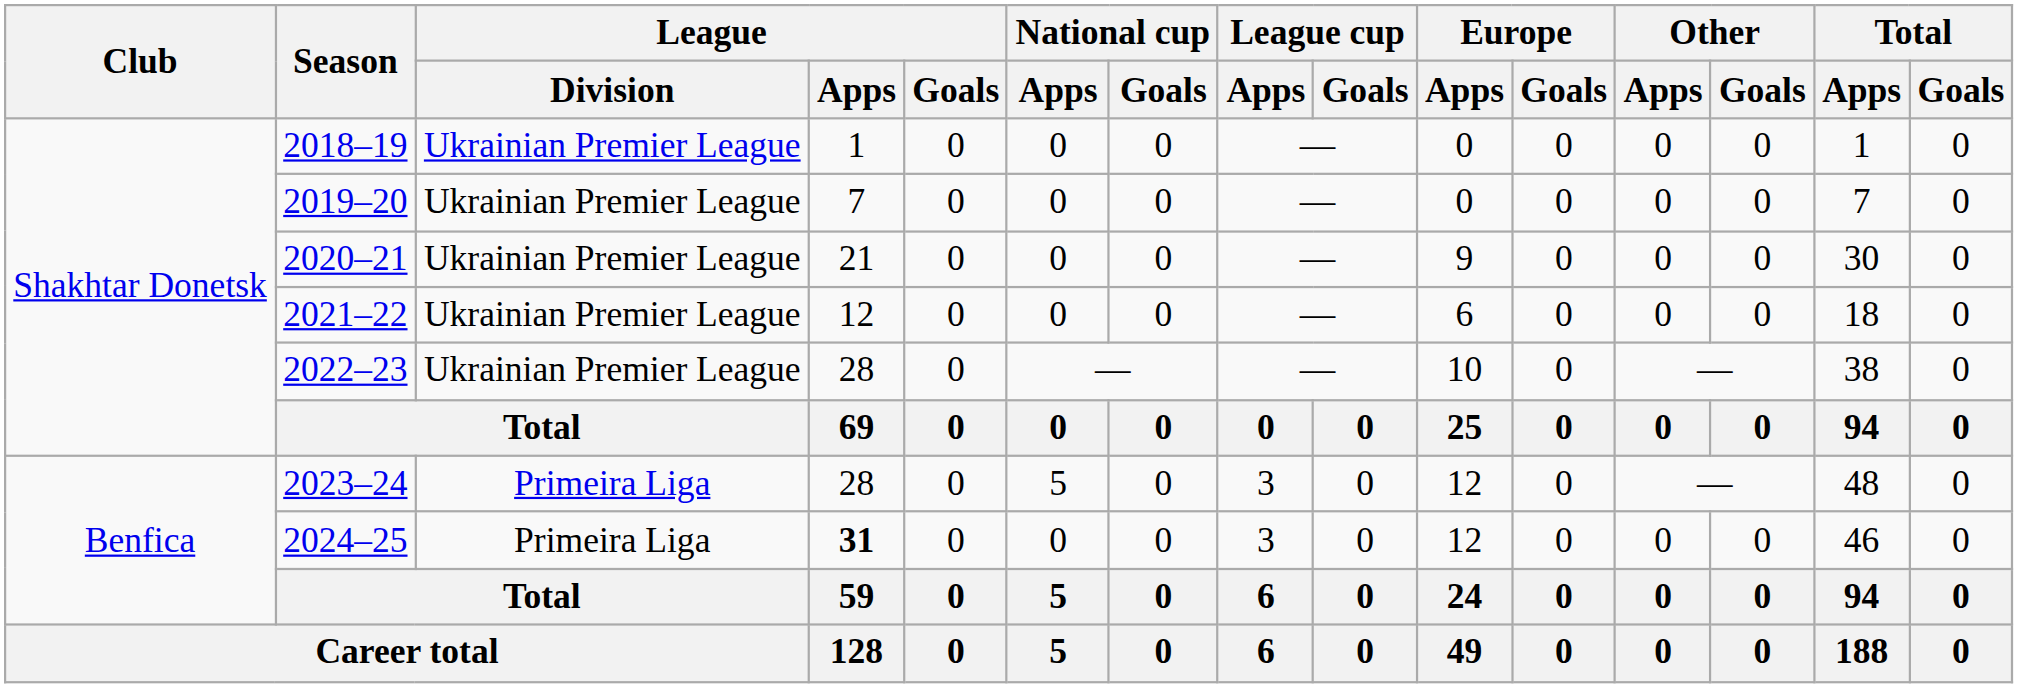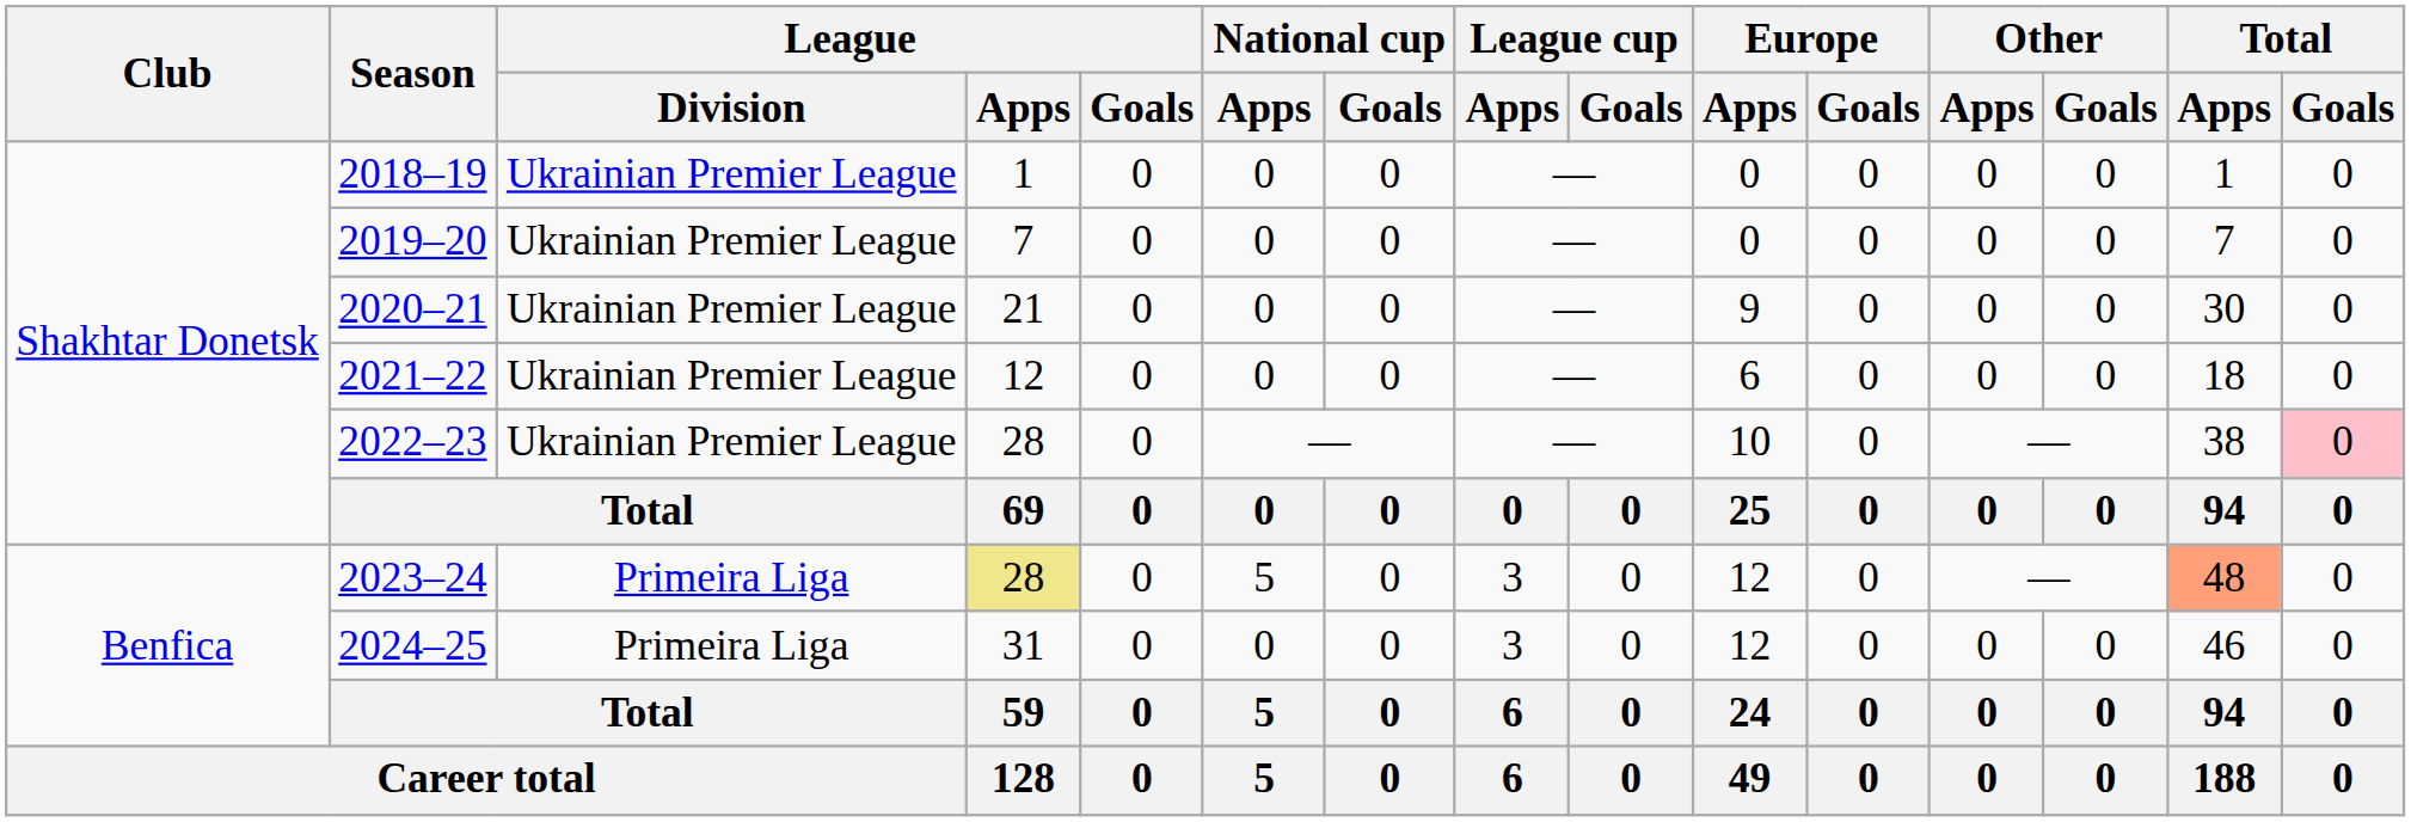 <table class="wikitable" style="text-align:center">
 <tr>
 <th rowspan="2">Club</th>
 <th rowspan="2">Season</th>
 <th colspan="3">League</th>
 <th colspan="2">National cup</th>
 <th colspan="2">League cup</th>
 <th colspan="2">Europe</th>
 <th colspan="2">Other</th>
 <th colspan="2">Total</th>
 </tr>
 <tr>
 <th>Division</th>
 <th>Apps</th>
 <th>Goals</th>
 <th>Apps</th>
 <th>Goals</th>
 <th>Apps</th>
 <th>Goals</th>
 <th>Apps</th>
 <th>Goals</th>
 <th>Apps</th>
 <th>Goals</th>
 <th>Apps</th>
 <th>Goals</th>
 </tr>
 <tr>
 <td rowspan="6"><a href='#'>Shakhtar Donetsk</a></td>
 <td><a href='#'>2018–19</a></td>
 <td><a href='#'>Ukrainian Premier League</a></td>
 <td>1</td>
 <td>0</td>
 <td>0</td>
 <td>0</td>
 <td colspan="2">—</td>
 <td>0</td>
 <td>0</td>
 <td>0</td>
 <td>0</td>
 <td>1</td>
 <td>0</td>
 </tr>
 <tr>
 <td><a href='#'>2019–20</a></td>
 <td>Ukrainian Premier League</td>
 <td>7</td>
 <td>0</td>
 <td>0</td>
 <td>0</td>
 <td colspan="2">—</td>
 <td>0</td>
 <td>0</td>
 <td>0</td>
 <td>0</td>
 <td>7</td>
 <td>0</td>
 </tr>
 <tr>
 <td><a href='#'>2020–21</a></td>
 <td>Ukrainian Premier League</td>
 <td>21</td>
 <td>0</td>
 <td>0</td>
 <td>0</td>
 <td colspan="2">—</td>
 <td>9</td>
 <td>0</td>
 <td>0</td>
 <td>0</td>
 <td>30</td>
 <td>0</td>
 </tr>
 <tr>
 <td><a href='#'>2021–22</a></td>
 <td>Ukrainian Premier League</td>
 <td>12</td>
 <td>0</td>
 <td>0</td>
 <td>0</td>
 <td colspan="2">—</td>
 <td>6</td>
 <td>0</td>
 <td>0</td>
 <td>0</td>
 <td>18</td>
 <td>0</td>
 </tr>
 <tr>
 <td><a href='#'>2022–23</a></td>
 <td>Ukrainian Premier League</td>
 <td>28</td>
 <td>0</td>
 <td colspan="2">—</td>
 <td colspan="2">—</td>
 <td>10</td>
 <td>0</td>
 <td colspan="2">—</td>
 <td>38</td>
-<td>0</td>
+<td style="background: pink;">0</td>
 </tr>
 <tr>
 <th colspan="2">Total</th>
 <th>69</th>
 <th>0</th>
 <th>0</th>
 <th>0</th>
 <th>0</th>
 <th>0</th>
 <th>25</th>
 <th>0</th>
 <th>0</th>
 <th>0</th>
 <th>94</th>
 <th>0</th>
 </tr>
 <tr>
 <td rowspan="3"><a href='#'>Benfica</a></td>
 <td><a href='#'>2023–24</a></td>
 <td><a href='#'>Primeira Liga</a></td>
-<td>28</td>
+<td style="background: khaki;">28</td>
 <td>0</td>
 <td>5</td>
 <td>0</td>
 <td>3</td>
 <td>0</td>
 <td>12</td>
 <td>0</td>
 <td colspan="2">—</td>
-<td>48</td>
+<td style="background: lightsalmon;">48</td>
 <td>0</td>
 </tr>
 <tr>
 <td><a href='#'>2024–25</a></td>
 <td>Primeira Liga</td>
-<td><strong>31</strong></td>
+<td>31</td>
 <td>0</td>
 <td>0</td>
 <td>0</td>
 <td>3</td>
 <td>0</td>
 <td>12</td>
 <td>0</td>
 <td>0</td>
 <td>0</td>
 <td>46</td>
 <td>0</td>
 </tr>
 <tr>
 <th colspan="2">Total</th>
 <th>59</th>
 <th>0</th>
 <th>5</th>
 <th>0</th>
 <th>6</th>
 <th>0</th>
 <th>24</th>
 <th>0</th>
 <th>0</th>
 <th>0</th>
 <th>94</th>
 <th>0</th>
 </tr>
 <tr>
 <th colspan="3">Career total</th>
 <th>128</th>
 <th>0</th>
 <th>5</th>
 <th>0</th>
 <th>6</th>
 <th>0</th>
 <th>49</th>
 <th>0</th>
 <th>0</th>
 <th>0</th>
 <th>188</th>
 <th>0</th>
 </tr>
 </table>
